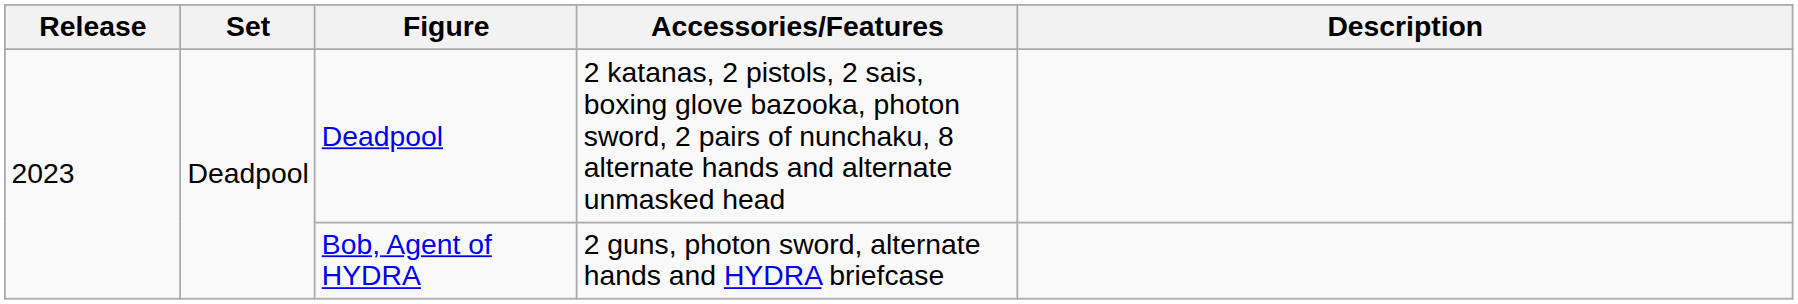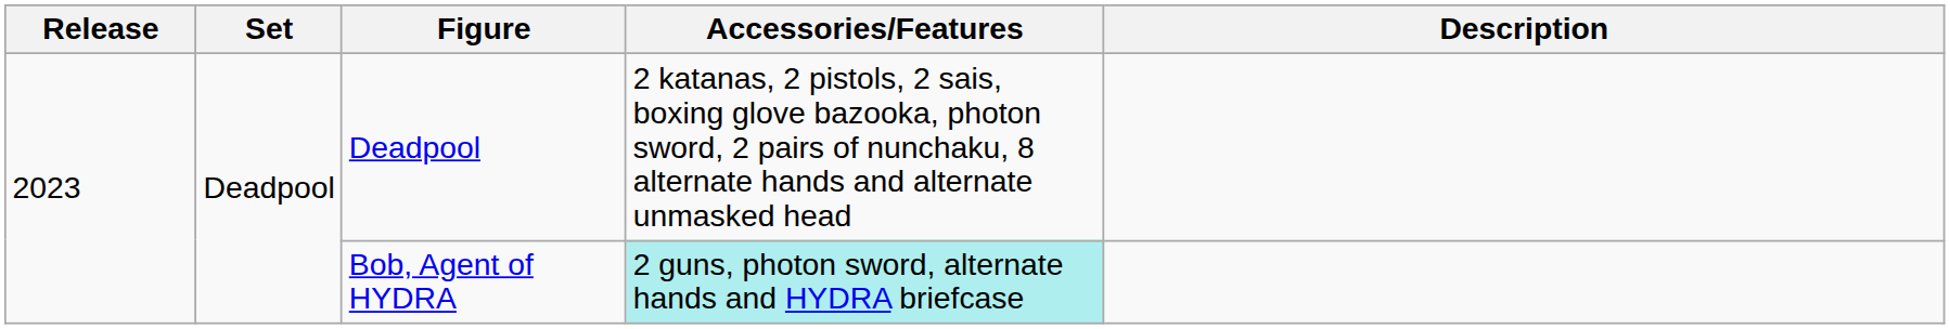 <table class="wikitable" style="width:80%;">
 <tr>
 <th width=10%>Release</th>
 <th width=5%>Set</th>
 <th width=15%>Figure</th>
 <th width=25%>Accessories/Features</th>
 <th width=60%>Description</th>
 </tr>
 <tr>
 <td rowspan=2>2023</td>
 <td rowspan=2>Deadpool</td>
 <td><a href='#'>Deadpool</a></td>
 <td>2 katanas, 2 pistols, 2 sais, boxing glove bazooka, photon sword, 2 pairs of nunchaku, 8 alternate hands and alternate unmasked head</td>
 <td></td>
 </tr>
 <tr>
 <td><a href='#'>Bob, Agent of HYDRA</a></td>
-<td>2 guns, photon sword, alternate hands and <a href='#'>HYDRA</a> briefcase</td>
+<td style="background: paleturquoise;">2 guns, photon sword, alternate hands and <a href='#'>HYDRA</a> briefcase</td>
 <td></td>
 </tr>
 </table>
